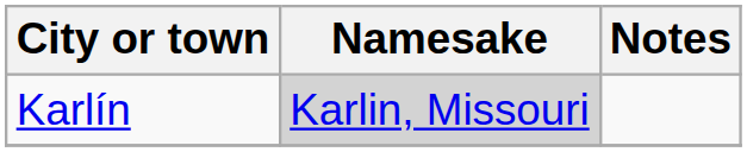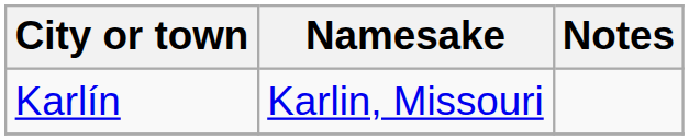 <table class="wikitable">
 <tr>
 <th>City or town</th>
 <th>Namesake</th>
 <th>Notes</th>
 </tr>
 <tr>
 <td><a href='#'>Karlín</a></td>
-<td style="background: lightgrey;"><a href='#'>Karlin, Missouri</a></td>
+<td><a href='#'>Karlin, Missouri</a></td>
 <td> </td>
 </tr>
 <tr>
 </tr>
 </table>
